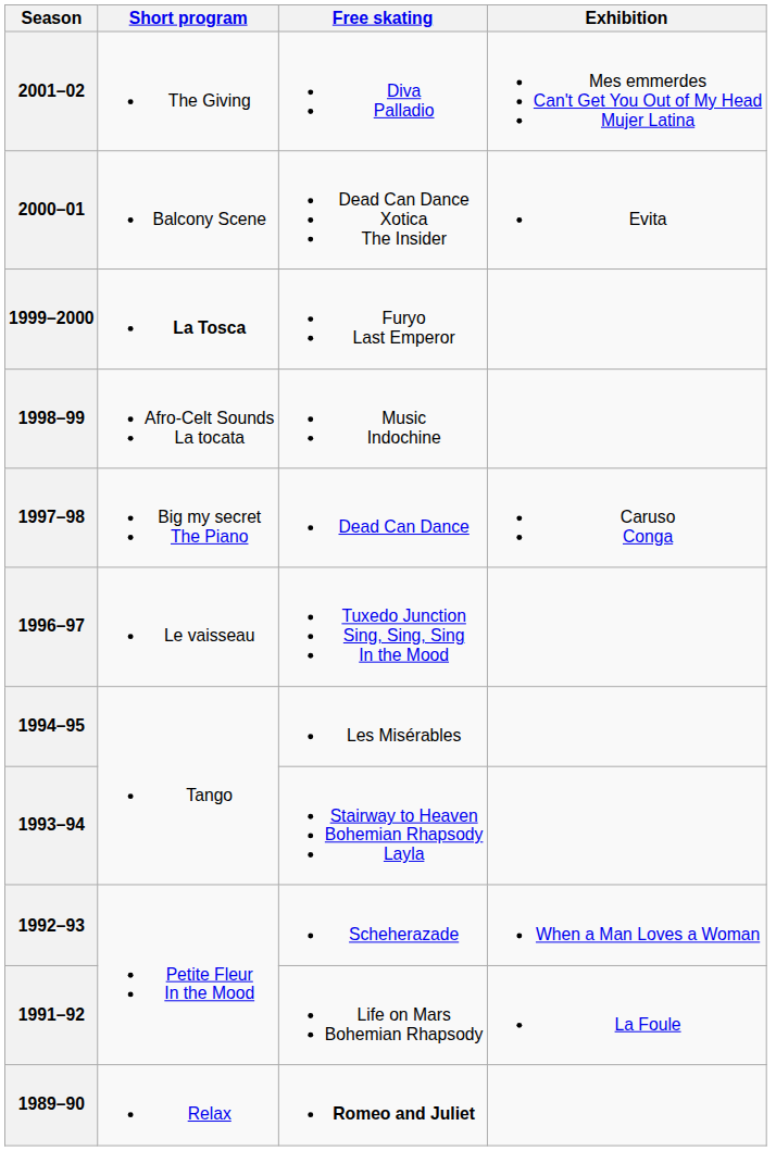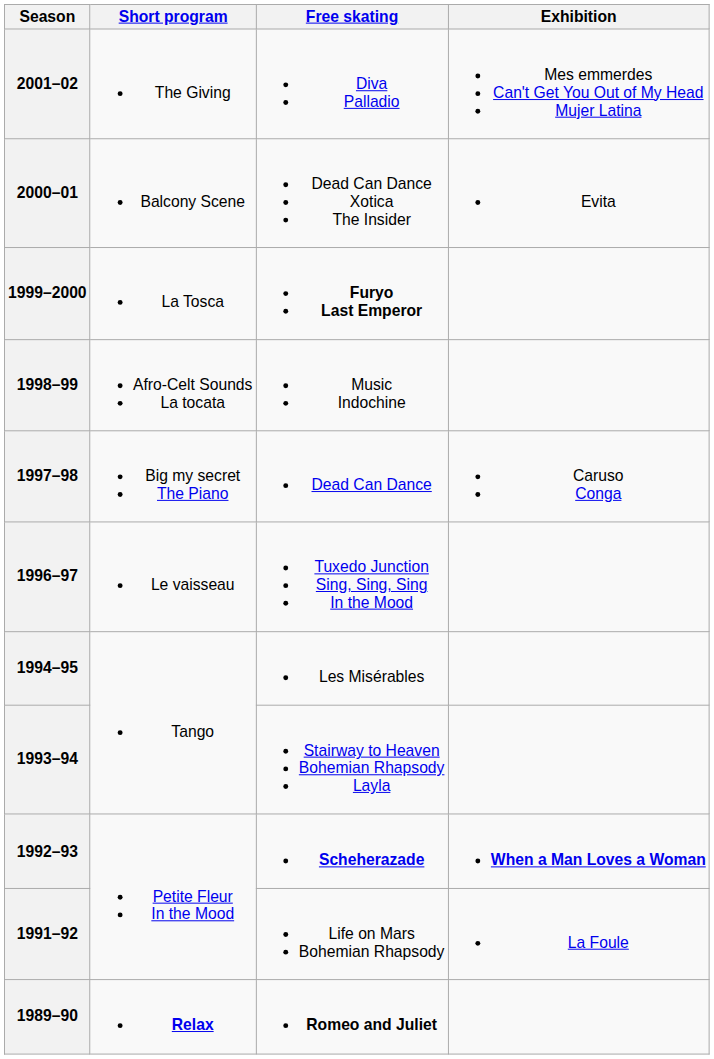 <table class=wikitable style=text-align:center>
 <tr>
 <th>Season</th>
 <th><a href='#'>Short program</a></th>
 <th><a href='#'>Free skating</a></th>
 <th>Exhibition</th>
 </tr>
 <tr>
 <th>2001–02 <br> </th>
 <td><br><ul><li>The Giving <br></li></ul></td>
 <td><br><ul><li><a href='#'>Diva</a> <br></li><li><a href='#'>Palladio</a> <br></li></ul></td>
 <td><br><ul><li>Mes emmerdes <br></li><li><a href='#'>Can't Get You Out of My Head</a> <br></li><li><a href='#'>Mujer Latina</a></li></ul></td>
 </tr>
 <tr>
 <th>2000–01 <br> </th>
 <td><br><ul><li>Balcony Scene <br></li></ul></td>
 <td><br><ul><li>Dead Can Dance</li><li>Xotica <br></li><li>The Insider <br></li></ul></td>
 <td><br><ul><li>Evita</li></ul></td>
 </tr>
 <tr>
 <th>1999–2000 <br> </th>
-<td><strong><br><ul><li>La Tosca</li></ul></strong></td>
-<td><br><ul><li>Furyo</li><li>Last Emperor</li></ul></td>
+<td><br><ul><li>La Tosca</li></ul></td>
+<td><strong><br><ul><li>Furyo</li><li>Last Emperor</li></ul></strong></td>
 <td></td>
 </tr>
 <tr>
 <th>1998–99 <br> </th>
 <td><br><ul><li>Afro-Celt Sounds</li><li>La tocata</li></ul></td>
 <td><br><ul><li>Music <br></li><li>Indochine</li></ul></td>
 <td></td>
 </tr>
 <tr>
 <th>1997–98 <br> </th>
 <td><br><ul><li>Big my secret</li><li><a href='#'>The Piano</a> <br></li></ul></td>
 <td><br><ul><li><a href='#'>Dead Can Dance</a></li></ul></td>
 <td><br><ul><li>Caruso</li><li><a href='#'>Conga</a> <br></li></ul></td>
 </tr>
 <tr>
 <th>1996–97 <br> </th>
 <td><br><ul><li>Le vaisseau <br></li></ul></td>
 <td><br><ul><li><a href='#'>Tuxedo Junction</a></li><li><a href='#'>Sing, Sing, Sing</a></li><li><a href='#'>In the Mood</a></li></ul></td>
 <td></td>
 </tr>
 <tr>
 <th>1994–95 <br> </th>
 <td rowspan=2><br><ul><li>Tango <br></li></ul></td>
 <td><br><ul><li>Les Misérables</li></ul></td>
 <td></td>
 </tr>
 <tr>
 <th>1993–94 <br> </th>
 <td><br><ul><li><a href='#'>Stairway to Heaven</a> <br></li><li><a href='#'>Bohemian Rhapsody</a> <br></li><li><a href='#'>Layla</a> <br></li></ul></td>
 <td></td>
 </tr>
 <tr>
 <th>1992–93 <br> </th>
 <td rowspan=2><br><ul><li><a href='#'>Petite Fleur</a> <br></li><li><a href='#'>In the Mood</a> <br></li></ul></td>
-<td><br><ul><li><a href='#'>Scheherazade</a> <br></li></ul></td>
-<td><br><ul><li><a href='#'>When a Man Loves a Woman</a> <br></li></ul></td>
+<td><strong><br><ul><li><a href='#'>Scheherazade</a> <br></li></ul></strong></td>
+<td><strong><br><ul><li><a href='#'>When a Man Loves a Woman</a> <br></li></ul></strong></td>
 </tr>
 <tr>
 <th>1991–92 <br> </th>
 <td><br><ul><li>Life on Mars <br></li><li>Bohemian Rhapsody <br></li></ul></td>
 <td><br><ul><li><a href='#'>La Foule</a> <br></li></ul></td>
 </tr>
 <tr>
 <th>1989–90 <br> </th>
-<td><br><ul><li><a href='#'>Relax</a> <br></li></ul></td>
+<td><strong><br><ul><li><a href='#'>Relax</a> <br></li></ul></strong></td>
 <td><strong><br><ul><li>Romeo and Juliet</li></ul></strong></td>
 <td></td>
 </tr>
 </table>
